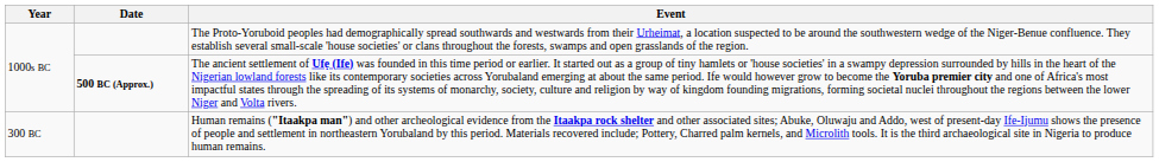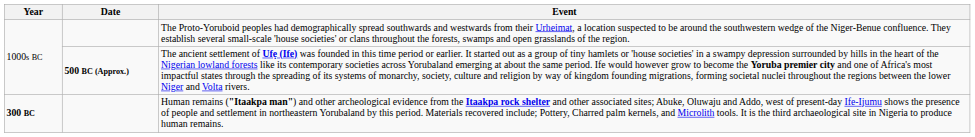 <table class="wikitable" width="100%">
 <tr>
 <th style="width:6%">Year</th>
 <th style="width:10%">Date</th>
 <th>Event</th>
 </tr>
 <tr>
 <td rowspan="2" valign="middle">1000<small>s</small> <small>BC</small></td>
 <td></td>
 <td>The Proto-Yoruboid peoples had demographically spread southwards and westwards from their <a href='#'>Urheimat</a>, a location suspected to be around the southwestern wedge of the Niger-Benue confluence. They establish several small-scale 'house societies' or clans throughout the forests, swamps and open grasslands of the region.</td>
 </tr>
 <tr>
 <td><strong>500 <small>BC (Approx.)</small></strong></td>
 <td>The ancient settlement of <strong><a href='#'>Ufẹ (Ife)</a></strong> was founded in this time period or earlier. It started out as a group of tiny hamlets or 'house societies' in a swampy depression surrounded by hills in the heart of the <a href='#'>Nigerian lowland forests</a> like its contemporary societies across Yorubaland emerging at about the same period. Ife would however grow to become the <strong>Yoruba premier city</strong> and one of Africa's most impactful states through the spreading of its systems of monarchy, society, culture and religion by way of kingdom founding migrations, forming societal nuclei throughout the regions between the lower <a href='#'>Niger</a> and <a href='#'>Volta</a> rivers.</td>
 </tr>
 <tr>
-<td>300 <small>BC</small></td>
+<td><strong>300 <small>BC</small></strong></td>
 <td></td>
 <td>Human remains (<strong>"Itaakpa man"</strong>) and other archeological evidence from the <strong><a href='#'>Itaakpa rock shelter</a></strong> and other  associated sites; Abuke, Oluwaju and Addo, west of present-day <a href='#'>Ife-Ijumu</a> shows the presence of people and settlement in northeastern Yorubaland by this period. Materials recovered include; Pottery, Charred palm kernels, and <a href='#'>Microlith</a> tools. It is the third archaeological site in Nigeria to produce human remains.</td>
 </tr>
 </table>
